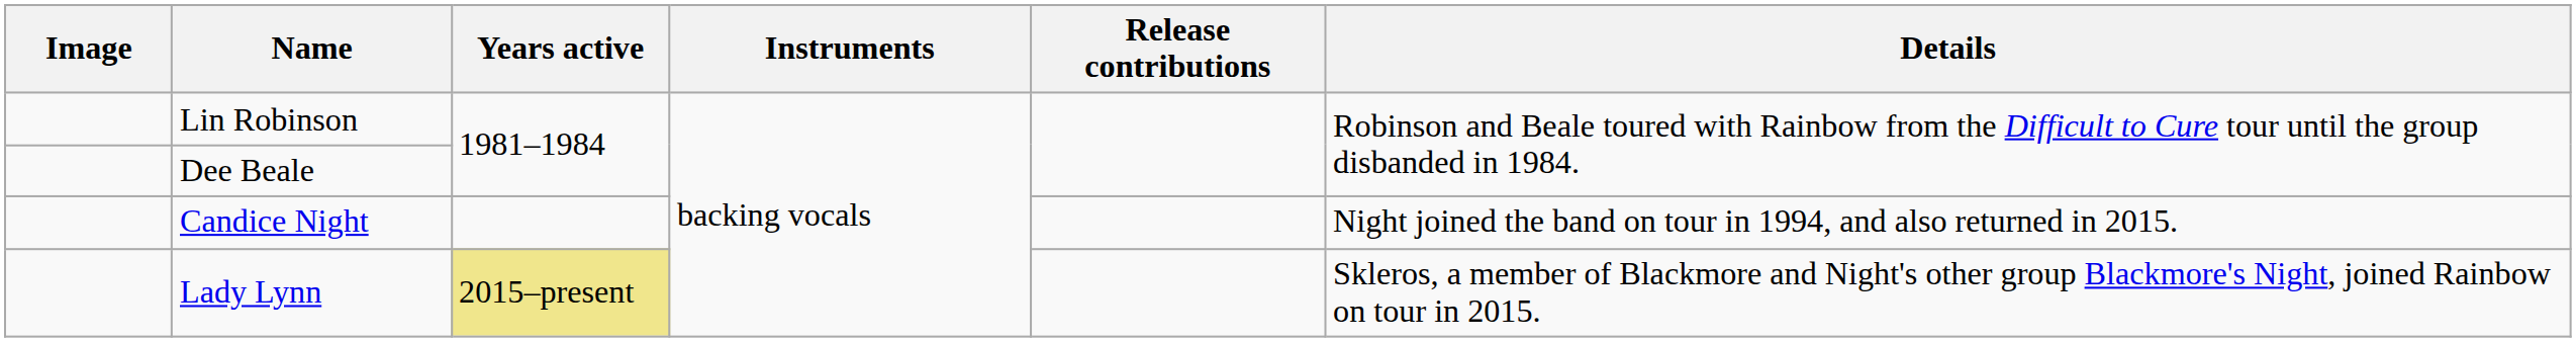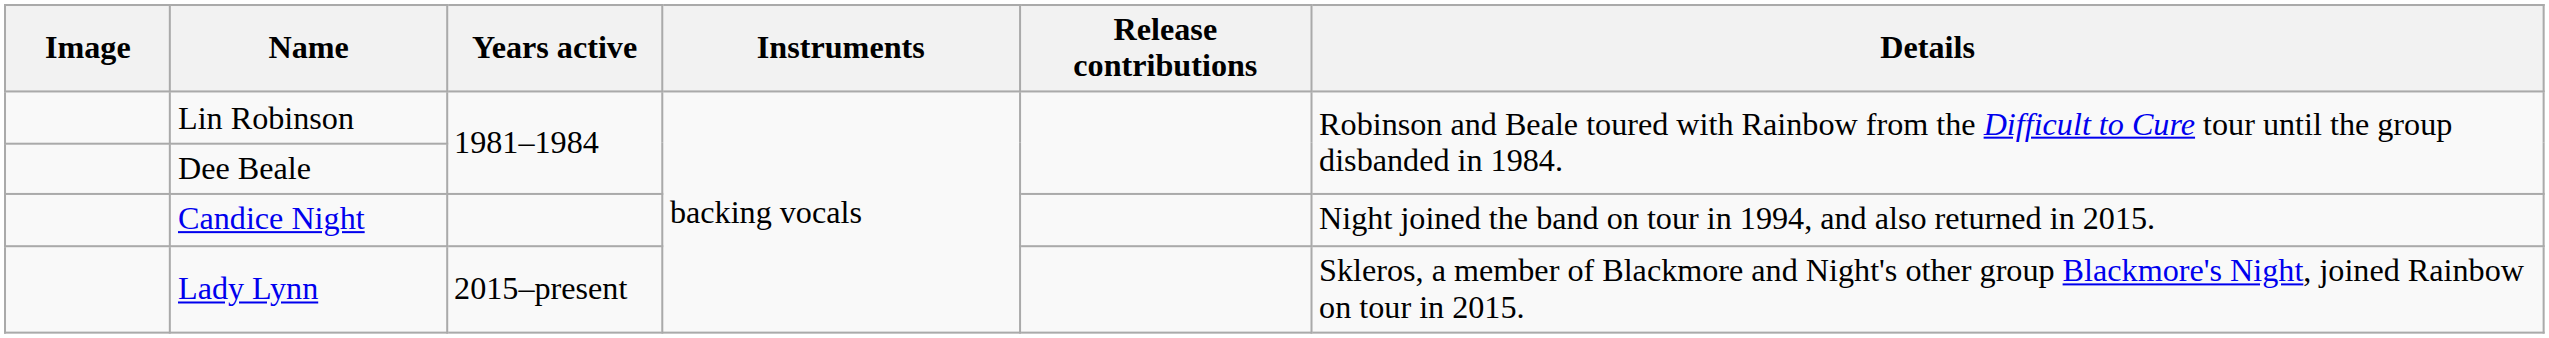 <table class="wikitable" border="1" width=100%>
 <tr>
 <th width="75">Image</th>
 <th width="130">Name</th>
 <th width="100">Years active</th>
 <th width="170">Instruments</th>
 <th>Release contributions</th>
 <th>Details</th>
 </tr>
 <tr>
 <td></td>
 <td>Lin Robinson</td>
 <td rowspan="2">1981–1984</td>
 <td rowspan="4">backing vocals</td>
 <td rowspan="2"></td>
 <td rowspan="2">Robinson and Beale toured with Rainbow from the <em><a href='#'>Difficult to Cure</a></em> tour until the group disbanded in 1984.</td>
 </tr>
 <tr>
 <td></td>
 <td>Dee Beale</td>
 </tr>
 <tr>
 <td></td>
 <td><a href='#'>Candice Night</a></td>
 <td></td>
 <td></td>
 <td>Night joined the band on tour in 1994, and also returned in 2015.</td>
 </tr>
 <tr>
 <td></td>
 <td><a href='#'>Lady Lynn</a><br></td>
-<td style="background: khaki;">2015–present</td>
+<td>2015–present</td>
 <td></td>
 <td>Skleros, a member of Blackmore and Night's other group <a href='#'>Blackmore's Night</a>, joined Rainbow on tour in 2015.</td>
 </tr>
 </table>
